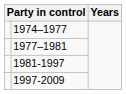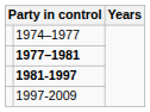 <table class="wikitable">
 <tr>
 <th colspan="2">Party in control</th>
 <th>Years</th>
 </tr>
 <tr>
 <td></td>
 <td>1974–1977</td>
 </tr>
 <tr>
 <td></td>
-<td>1977–1981</td>
+<td><strong>1977–1981</strong></td>
 </tr>
 <tr>
 <td></td>
-<td>1981-1997</td>
+<td><strong>1981-1997</strong></td>
 </tr>
 <tr>
 <td></td>
 <td>1997-2009</td>
 </tr>
 </table>
